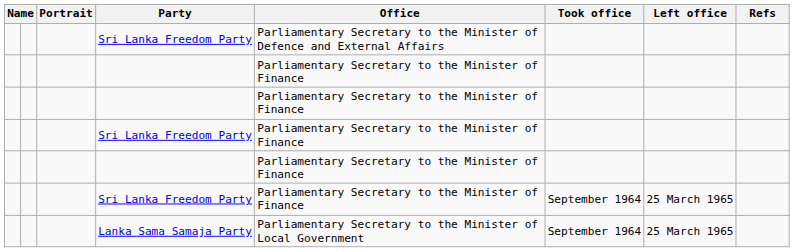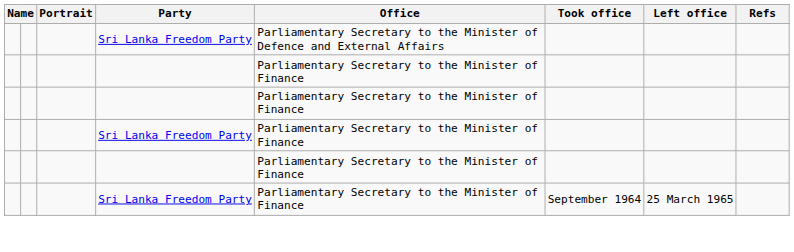 <table class="wikitable plainrowheaders sortable" style="font-size:90%; text-align:left;">
 <tr>
 <th scope=col colspan="2">Name</th>
 <th scope=col class=unsortable>Portrait</th>
 <th scope=col>Party</th>
 <th scope=col width=300px>Office</th>
 <th scope=col>Took office</th>
 <th scope=col>Left office</th>
 <th scope=col width=50px class=unsortable>Refs</th>
 </tr>
 <tr>
 <td !align="center" style="background:"></td>
 <td></td>
 <td align=center></td>
 <td><a href='#'>Sri Lanka Freedom Party</a></td>
 <td>Parliamentary Secretary to the Minister of Defence and External Affairs</td>
 <td align=center></td>
 <td align=center></td>
 <td align=center></td>
 </tr>
 <tr>
 <td></td>
 <td></td>
 <td align=center></td>
 <td></td>
 <td>Parliamentary Secretary to the Minister of Finance</td>
 <td align=center></td>
 <td align=center></td>
 <td align=center></td>
 </tr>
 <tr>
 <td></td>
 <td></td>
 <td align=center></td>
 <td></td>
 <td>Parliamentary Secretary to the Minister of Finance</td>
 <td align=center></td>
 <td align=center></td>
 <td align=center></td>
 </tr>
 <tr>
 <td !align="center" style="background:"></td>
 <td></td>
 <td align=center></td>
 <td><a href='#'>Sri Lanka Freedom Party</a></td>
 <td>Parliamentary Secretary to the Minister of Finance</td>
 <td align=center></td>
 <td align=center></td>
 <td align=center></td>
 </tr>
 <tr>
 <td></td>
 <td></td>
 <td align=center></td>
 <td></td>
 <td>Parliamentary Secretary to the Minister of Finance</td>
 <td align=center></td>
 <td align=center></td>
 <td align=center></td>
 </tr>
 <tr>
 <td !align="center" style="background:"></td>
 <td></td>
 <td></td>
 <td><a href='#'>Sri Lanka Freedom Party</a></td>
 <td>Parliamentary Secretary to the Minister of Finance</td>
 <td align=center>September 1964</td>
 <td align=center>25 March 1965</td>
 <td align=center></td>
 </tr>
-<tr>
-<td !align="center" style="background:"></td>
-<td></td>
-<td></td>
-<td><a href='#'>Lanka Sama Samaja Party</a></td>
-<td>Parliamentary Secretary to the Minister of Local Government</td>
-<td align=center>September 1964</td>
-<td align=center>25 March 1965</td>
-<td align=center></td>
-</tr>
 </table>
